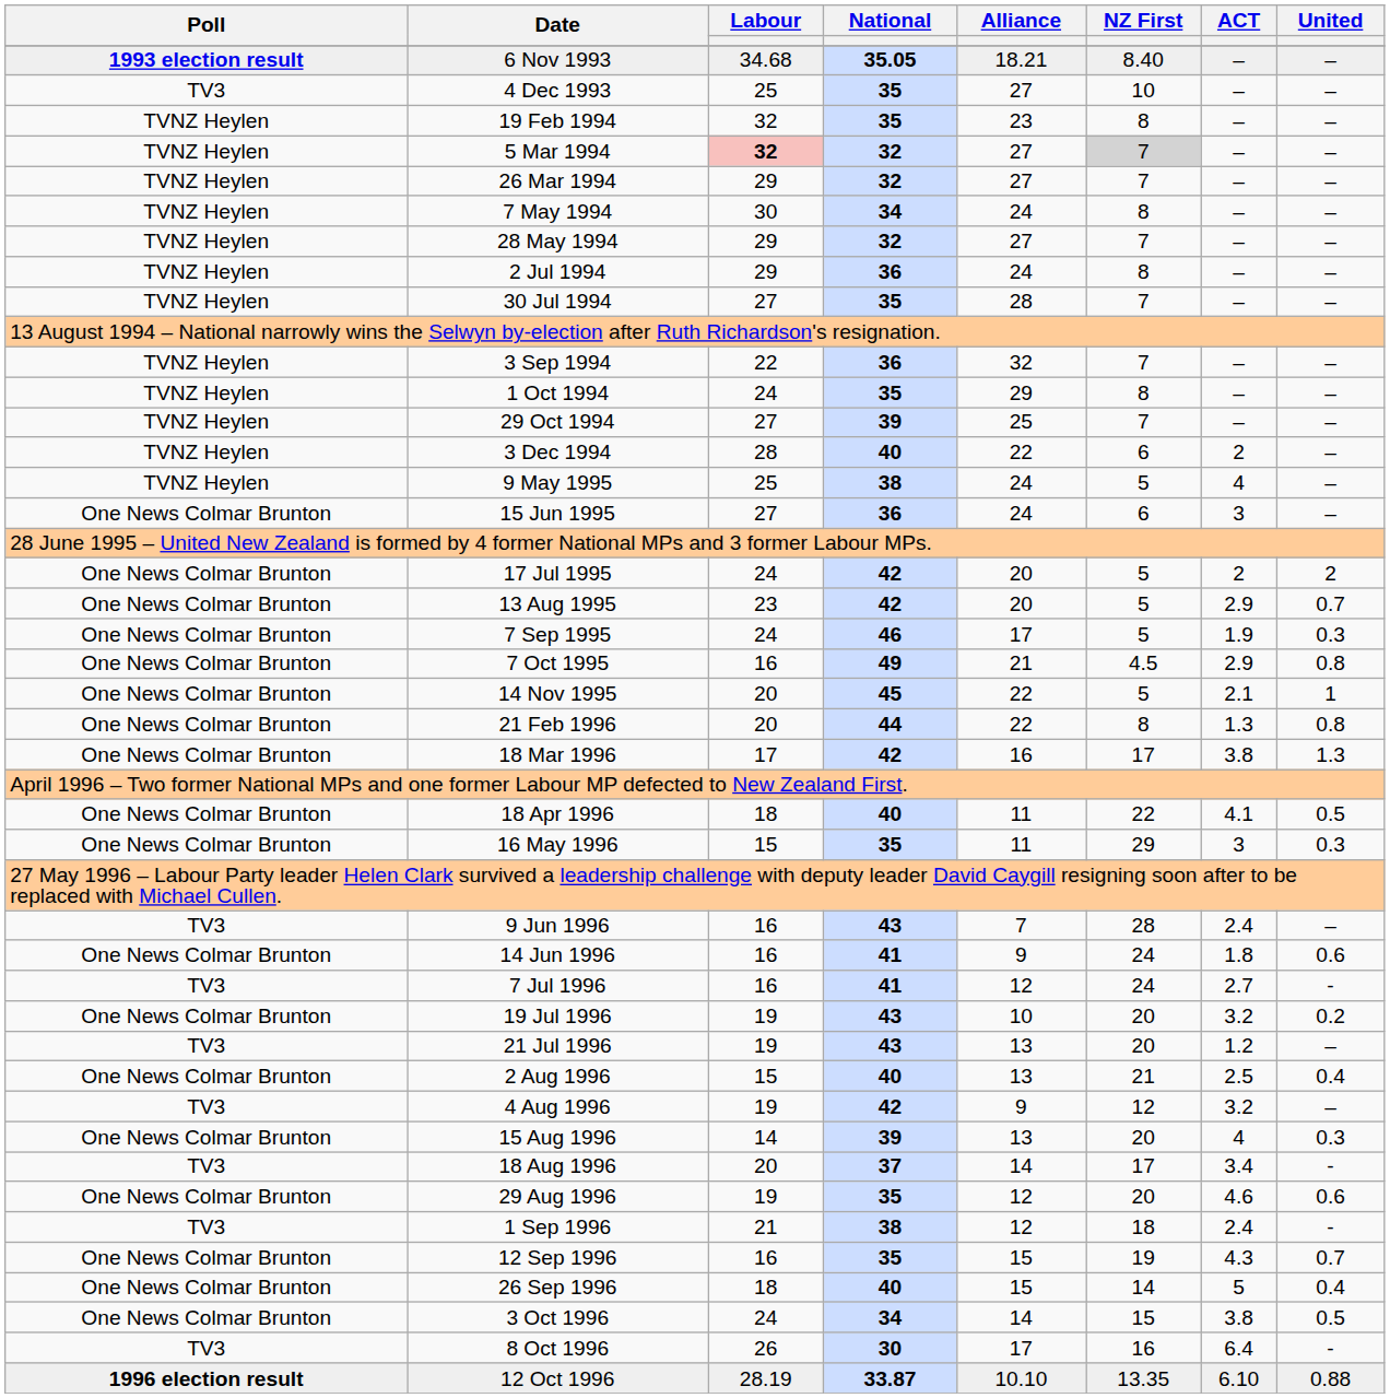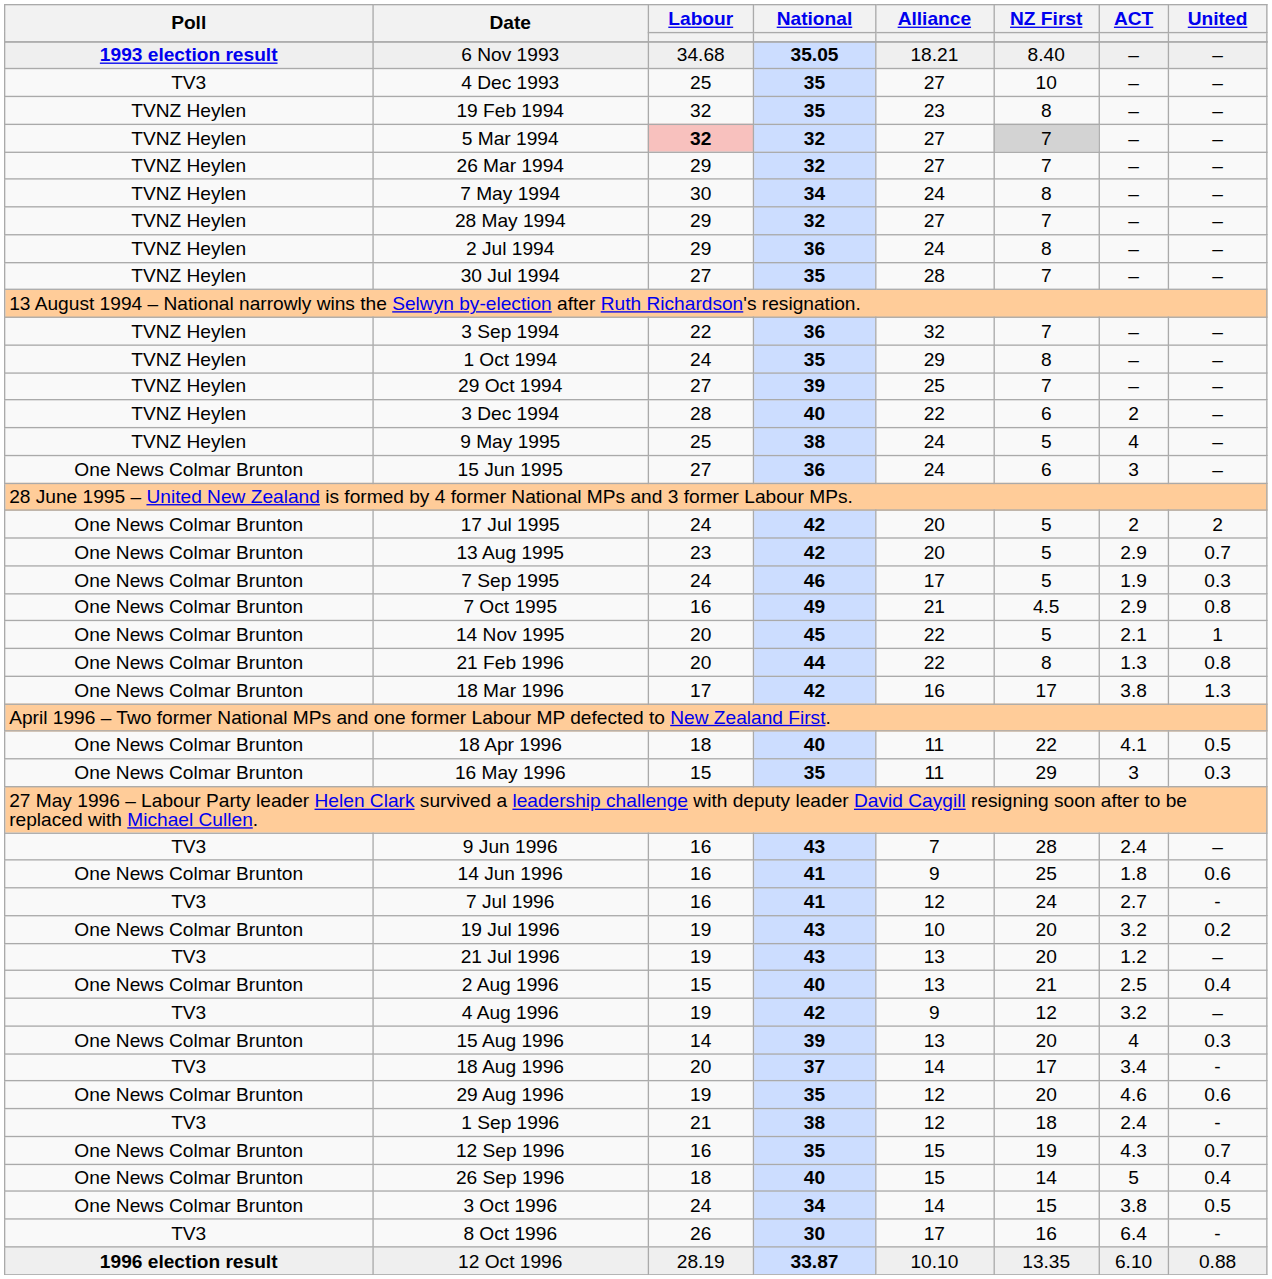 <table class="wikitable sortable" style="width:950px;font-size:90%;line-height:14px;text-align:center;">
 <tr>
 <th style="width:270px;" rowspan="2">Poll</th>
 <th style="width:200px;" rowspan="2">Date</th>
 <th><a href='#'>Labour</a></th>
 <th><a href='#'>National</a></th>
 <th><a href='#'>Alliance</a></th>
 <th><a href='#'>NZ First</a></th>
 <th><a href='#'>ACT</a></th>
 <th><a href='#'>United</a></th>
 </tr>
 <tr>
 <th class="unsortable" style="color:inherit;background:"></th>
 <th class="unsortable" style="color:inherit;background:"></th>
 <th class="unsortable" style="color:inherit;background:"></th>
 <th class="unsortable" style="color:inherit;background:"></th>
 <th class="unsortable" style="color:inherit;background:"></th>
 <th class="unsortable" style="color:inherit;background:"></th>
 </tr>
 <tr>
 </tr>
 <tr style="background:#EFEFEF; font-weight:italic;">
 <td><strong><a href='#'>1993 election result</a></strong></td>
 <td data-sort-value="1993-11-06">6 Nov 1993</td>
 <td>34.68</td>
 <td style="background:#CCDDFF"><strong>35.05</strong></td>
 <td>18.21</td>
 <td>8.40</td>
 <td>–</td>
 <td>–</td>
 </tr>
 <tr>
 <td>TV3</td>
 <td data-sort-value="1993-12-04">4 Dec 1993</td>
 <td>25</td>
 <td style="background:#CCDDFF"><strong>35</strong></td>
 <td>27</td>
 <td>10</td>
 <td>–</td>
 <td>–</td>
 </tr>
 <tr>
 <td>TVNZ Heylen</td>
 <td data-sort-value="1994-02-19">19 Feb 1994</td>
 <td>32</td>
 <td style="background:#CCDDFF"><strong>35</strong></td>
 <td>23</td>
 <td>8</td>
 <td>–</td>
 <td>–</td>
 </tr>
 <tr>
 <td>TVNZ Heylen</td>
 <td data-sort-value="1994-03-05">5 Mar 1994</td>
 <td style="background:#F8C1BE"><strong>32</strong></td>
 <td style="background:#CCDDFF"><strong>32</strong></td>
 <td>27</td>
 <td style="background: lightgrey;">7</td>
 <td>–</td>
 <td>–</td>
 </tr>
 <tr>
 <td>TVNZ Heylen</td>
 <td data-sort-value="1994-03-26">26 Mar 1994</td>
 <td>29</td>
 <td style="background:#CCDDFF"><strong>32</strong></td>
 <td>27</td>
 <td>7</td>
 <td>–</td>
 <td>–</td>
 </tr>
 <tr>
 <td>TVNZ Heylen</td>
 <td data-sort-value="1994-05-07">7 May 1994</td>
 <td>30</td>
 <td style="background:#CCDDFF"><strong>34</strong></td>
 <td>24</td>
 <td>8</td>
 <td>–</td>
 <td>–</td>
 </tr>
 <tr>
 <td>TVNZ Heylen</td>
 <td data-sort-value="1994-05-28">28 May 1994</td>
 <td>29</td>
 <td style="background:#CCDDFF"><strong>32</strong></td>
 <td>27</td>
 <td>7</td>
 <td>–</td>
 <td>–</td>
 </tr>
 <tr>
 <td>TVNZ Heylen</td>
 <td data-sort-value="1994-07-02">2 Jul 1994</td>
 <td>29</td>
 <td style="background:#CCDDFF"><strong>36</strong></td>
 <td>24</td>
 <td>8</td>
 <td>–</td>
 <td>–</td>
 </tr>
 <tr>
 <td>TVNZ Heylen</td>
 <td data-sort-value="1994-07-30">30 Jul 1994</td>
 <td>27</td>
 <td style="background:#CCDDFF"><strong>35</strong></td>
 <td>28</td>
 <td>7</td>
 <td>–</td>
 <td>–</td>
 </tr>
 <tr>
 <td colspan="8" style="background:#fc9;text-align:left;">13 August 1994 – National narrowly wins the <a href='#'>Selwyn by-election</a> after <a href='#'>Ruth Richardson</a>'s resignation.</td>
 </tr>
 <tr>
 <td>TVNZ Heylen</td>
 <td data-sort-value="1994-09-03">3 Sep 1994</td>
 <td>22</td>
 <td style="background:#CCDDFF"><strong>36</strong></td>
 <td>32</td>
 <td>7</td>
 <td>–</td>
 <td>–</td>
 </tr>
 <tr>
 <td>TVNZ Heylen</td>
 <td data-sort-value="1994-10-01">1 Oct 1994</td>
 <td>24</td>
 <td style="background:#CCDDFF"><strong>35</strong></td>
 <td>29</td>
 <td>8</td>
 <td>–</td>
 <td>–</td>
 </tr>
 <tr>
 <td>TVNZ Heylen</td>
 <td data-sort-value="1994-10-29">29 Oct 1994</td>
 <td>27</td>
 <td style="background:#CCDDFF"><strong>39</strong></td>
 <td>25</td>
 <td>7</td>
 <td>–</td>
 <td>–</td>
 </tr>
 <tr>
 <td>TVNZ Heylen</td>
 <td data-sort-value="1994-12-03">3 Dec 1994</td>
 <td>28</td>
 <td style="background:#CCDDFF"><strong>40</strong></td>
 <td>22</td>
 <td>6</td>
 <td>2</td>
 <td>–</td>
 </tr>
 <tr>
 <td>TVNZ Heylen</td>
 <td data-sort-value="1994-05-09">9 May 1995</td>
 <td>25</td>
 <td style="background:#CCDDFF"><strong>38</strong></td>
 <td>24</td>
 <td>5</td>
 <td>4</td>
 <td>–</td>
 </tr>
 <tr>
 <td>One News Colmar Brunton</td>
 <td data-sort-value="1995-06-15">15 Jun 1995</td>
 <td>27</td>
 <td style="background:#CCDDFF"><strong>36</strong></td>
 <td>24</td>
 <td>6</td>
 <td>3</td>
 <td>–</td>
 </tr>
 <tr>
 <td colspan="8" style="background:#fc9;text-align:left;">28 June 1995 – <a href='#'>United New Zealand</a> is formed by 4 former National MPs and 3 former Labour MPs.</td>
 </tr>
 <tr>
 <td>One News Colmar Brunton</td>
 <td data-sort-value="1995-07-17">17 Jul 1995</td>
 <td>24</td>
 <td style="background:#CCDDFF"><strong>42</strong></td>
 <td>20</td>
 <td>5</td>
 <td>2</td>
 <td>2</td>
 </tr>
 <tr>
 <td>One News Colmar Brunton</td>
 <td data-sort-value="1995-08-13">13 Aug 1995</td>
 <td>23</td>
 <td style="background:#CCDDFF"><strong>42</strong></td>
 <td>20</td>
 <td>5</td>
 <td>2.9</td>
 <td>0.7</td>
 </tr>
 <tr>
 <td>One News Colmar Brunton</td>
 <td data-sort-value="1995-09-07">7 Sep 1995</td>
 <td>24</td>
 <td style="background:#CCDDFF"><strong>46</strong></td>
 <td>17</td>
 <td>5</td>
 <td>1.9</td>
 <td>0.3</td>
 </tr>
 <tr>
 <td>One News Colmar Brunton</td>
 <td data-sort-value="1995-10-07">7 Oct 1995</td>
 <td>16</td>
 <td style="background:#CCDDFF"><strong>49</strong></td>
 <td>21</td>
 <td>4.5</td>
 <td>2.9</td>
 <td>0.8</td>
 </tr>
 <tr>
 <td>One News Colmar Brunton</td>
 <td data-sort-value="1995-11-14">14 Nov 1995</td>
 <td>20</td>
 <td style="background:#CCDDFF"><strong>45</strong></td>
 <td>22</td>
 <td>5</td>
 <td>2.1</td>
 <td>1</td>
 </tr>
 <tr>
 <td>One News Colmar Brunton</td>
 <td data-sort-value="1996-02-21">21 Feb 1996</td>
 <td>20</td>
 <td style="background:#CCDDFF"><strong>44</strong></td>
 <td>22</td>
 <td>8</td>
 <td>1.3</td>
 <td>0.8</td>
 </tr>
 <tr>
 <td>One News Colmar Brunton</td>
 <td data-sort-value="1996-03-18">18 Mar 1996</td>
 <td>17</td>
 <td style="background:#CCDDFF"><strong>42</strong></td>
 <td>16</td>
 <td>17</td>
 <td>3.8</td>
 <td>1.3</td>
 </tr>
 <tr>
 <td colspan="8" style="background:#fc9;text-align:left;">April 1996 – Two former National MPs and one former Labour MP defected to <a href='#'>New Zealand First</a>.</td>
 </tr>
 <tr>
 <td>One News Colmar Brunton</td>
 <td data-sort-value="1996-04-18">18 Apr 1996</td>
 <td>18</td>
 <td style="background:#CCDDFF"><strong>40</strong></td>
 <td>11</td>
 <td>22</td>
 <td>4.1</td>
 <td>0.5</td>
 </tr>
 <tr>
 <td>One News Colmar Brunton</td>
 <td data-sort-value="1996-05-16">16 May 1996</td>
 <td>15</td>
 <td style="background:#CCDDFF"><strong>35</strong></td>
 <td>11</td>
 <td>29</td>
 <td>3</td>
 <td>0.3</td>
 </tr>
 <tr>
 <td colspan="8" style="background:#fc9;text-align:left;">27 May 1996 – Labour Party leader <a href='#'>Helen Clark</a> survived a <a href='#'>leadership challenge</a> with deputy leader <a href='#'>David Caygill</a> resigning soon after to be replaced with <a href='#'>Michael Cullen</a>.</td>
 </tr>
 <tr>
 <td>TV3</td>
 <td data-sort-value="1996-06-09">9 Jun 1996</td>
 <td>16</td>
 <td style="background:#CCDDFF"><strong>43</strong></td>
 <td>7</td>
 <td>28</td>
 <td>2.4</td>
 <td>–</td>
 </tr>
 <tr>
 <td>One News Colmar Brunton</td>
 <td data-sort-value="1996-06-14">14 Jun 1996</td>
 <td>16</td>
 <td style="background:#CCDDFF"><strong>41</strong></td>
 <td>9</td>
-<td>24</td>
+<td>25</td>
 <td>1.8</td>
 <td>0.6</td>
 </tr>
 <tr>
 <td>TV3</td>
 <td data-sort-value="1996-07-07">7 Jul 1996</td>
 <td>16</td>
 <td style="background:#CCDDFF"><strong>41</strong></td>
 <td>12</td>
 <td>24</td>
 <td>2.7</td>
 <td>-</td>
 </tr>
 <tr>
 <td>One News Colmar Brunton</td>
 <td data-sort-value="1996-07-19">19 Jul 1996</td>
 <td>19</td>
 <td style="background:#CCDDFF"><strong>43</strong></td>
 <td>10</td>
 <td>20</td>
 <td>3.2</td>
 <td>0.2</td>
 </tr>
 <tr>
 <td>TV3</td>
 <td data-sort-value="1996-07-21">21 Jul 1996</td>
 <td>19</td>
 <td style="background:#CCDDFF"><strong>43</strong></td>
 <td>13</td>
 <td>20</td>
 <td>1.2</td>
 <td>–</td>
 </tr>
 <tr>
 <td>One News Colmar Brunton</td>
 <td data-sort-value="1996-08-02">2 Aug 1996</td>
 <td>15</td>
 <td style="background:#CCDDFF"><strong>40</strong></td>
 <td>13</td>
 <td>21</td>
 <td>2.5</td>
 <td>0.4</td>
 </tr>
 <tr>
 <td>TV3</td>
 <td data-sort-value="1996-08-04">4 Aug 1996</td>
 <td>19</td>
 <td style="background:#CCDDFF"><strong>42</strong></td>
 <td>9</td>
 <td>12</td>
 <td>3.2</td>
 <td>–</td>
 </tr>
 <tr>
 <td>One News Colmar Brunton</td>
 <td data-sort-value="1996-08-15">15 Aug 1996</td>
 <td>14</td>
 <td style="background:#CCDDFF"><strong>39</strong></td>
 <td>13</td>
 <td>20</td>
 <td>4</td>
 <td>0.3</td>
 </tr>
 <tr>
 <td>TV3</td>
 <td data-sort-value="1996-08-18">18 Aug 1996</td>
 <td>20</td>
 <td style="background:#CCDDFF"><strong>37</strong></td>
 <td>14</td>
 <td>17</td>
 <td>3.4</td>
 <td>-</td>
 </tr>
 <tr>
 <td>One News Colmar Brunton</td>
 <td data-sort-value="1996-08-29">29 Aug 1996</td>
 <td>19</td>
 <td style="background:#CCDDFF"><strong>35</strong></td>
 <td>12</td>
 <td>20</td>
 <td>4.6</td>
 <td>0.6</td>
 </tr>
 <tr>
 <td>TV3</td>
 <td data-sort-value="1996-09-01">1 Sep 1996</td>
 <td>21</td>
 <td style="background:#CCDDFF"><strong>38</strong></td>
 <td>12</td>
 <td>18</td>
 <td>2.4</td>
 <td>-</td>
 </tr>
 <tr>
 <td>One News Colmar Brunton</td>
 <td data-sort-value="1996-09-12">12 Sep 1996</td>
 <td>16</td>
 <td style="background:#CCDDFF"><strong>35</strong></td>
 <td>15</td>
 <td>19</td>
 <td>4.3</td>
 <td>0.7</td>
 </tr>
 <tr>
 <td>One News Colmar Brunton</td>
 <td data-sort-value="1996-09-26">26 Sep 1996</td>
 <td>18</td>
 <td style="background:#CCDDFF"><strong>40</strong></td>
 <td>15</td>
 <td>14</td>
 <td>5</td>
 <td>0.4</td>
 </tr>
 <tr>
 <td>One News Colmar Brunton</td>
 <td data-sort-value="1996-10-03">3 Oct 1996</td>
 <td>24</td>
 <td style="background:#CCDDFF"><strong>34</strong></td>
 <td>14</td>
 <td>15</td>
 <td>3.8</td>
 <td>0.5</td>
 </tr>
 <tr>
 <td>TV3</td>
 <td data-sort-value="1996-10-08">8 Oct 1996</td>
 <td>26</td>
 <td style="background:#CCDDFF"><strong>30</strong></td>
 <td>17</td>
 <td>16</td>
 <td>6.4</td>
 <td>-</td>
 </tr>
 <tr style="background:#EFEFEF; font-weight:italic;">
 <td><strong>1996 election result</strong></td>
 <td data-sort-value="1999-10-12">12 Oct 1996</td>
 <td>28.19</td>
 <td style="background:#CCDDFF"><strong>33.87</strong></td>
 <td>10.10</td>
 <td>13.35</td>
 <td>6.10</td>
 <td>0.88</td>
 </tr>
 </table>
